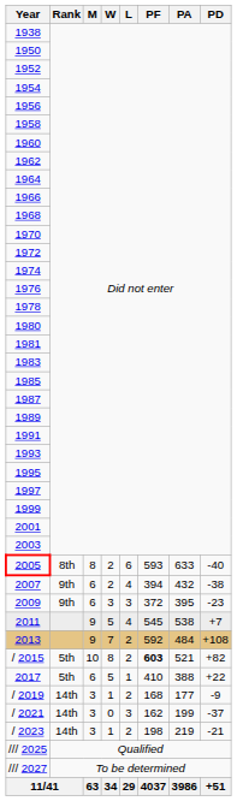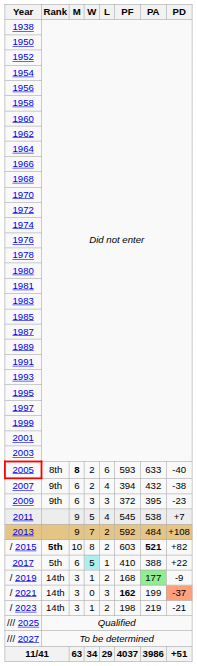 <table class="wikitable" style="text-align: center;">
 <tr>
 <th>Year</th>
 <th>Rank</th>
 <th>M</th>
 <th>W</th>
 <th>L</th>
 <th>PF</th>
 <th>PA</th>
 <th>PD</th>
 </tr>
 <tr>
 <td> <a href='#'>1938</a></td>
 <td rowspan= 29 colspan=7><em>Did not enter</em></td>
 </tr>
 <tr>
 <td> <a href='#'>1950</a></td>
 </tr>
 <tr>
 <td> <a href='#'>1952</a></td>
 </tr>
 <tr>
 <td> <a href='#'>1954</a></td>
 </tr>
 <tr>
 <td> <a href='#'>1956</a></td>
 </tr>
 <tr>
 <td> <a href='#'>1958</a></td>
 </tr>
 <tr>
 <td> <a href='#'>1960</a></td>
 </tr>
 <tr>
 <td> <a href='#'>1962</a></td>
 </tr>
 <tr>
 <td> <a href='#'>1964</a></td>
 </tr>
 <tr>
 <td> <a href='#'>1966</a></td>
 </tr>
 <tr>
 <td> <a href='#'>1968</a></td>
 </tr>
 <tr>
 <td> <a href='#'>1970</a></td>
 </tr>
 <tr>
 <td> <a href='#'>1972</a></td>
 </tr>
 <tr>
 <td> <a href='#'>1974</a></td>
 </tr>
 <tr>
 <td> <a href='#'>1976</a></td>
 </tr>
 <tr>
 <td> <a href='#'>1978</a></td>
 </tr>
 <tr>
 <td> <a href='#'>1980</a></td>
 </tr>
 <tr>
 <td> <a href='#'>1981</a></td>
 </tr>
 <tr>
 <td> <a href='#'>1983</a></td>
 </tr>
 <tr>
 <td> <a href='#'>1985</a></td>
 </tr>
 <tr>
 <td> <a href='#'>1987</a></td>
 </tr>
 <tr>
 <td> <a href='#'>1989</a></td>
 </tr>
 <tr>
 <td> <a href='#'>1991</a></td>
 </tr>
 <tr>
 <td> <a href='#'>1993</a></td>
 </tr>
 <tr>
 <td> <a href='#'>1995</a></td>
 </tr>
 <tr>
 <td> <a href='#'>1997</a></td>
 </tr>
 <tr>
 <td> <a href='#'>1999</a></td>
 </tr>
 <tr>
 <td> <a href='#'>2001</a></td>
 </tr>
 <tr>
 <td> <a href='#'>2003</a></td>
 </tr>
 <tr>
 <td style="border: 3px solid red"> <a href='#'>2005</a></td>
 <td>8th</td>
-<td>8</td>
+<td><strong>8</strong></td>
 <td>2</td>
 <td>6</td>
 <td>593</td>
 <td>633</td>
 <td>-40</td>
 </tr>
 <tr>
 <td> <a href='#'>2007</a></td>
 <td>9th</td>
 <td>6</td>
 <td>2</td>
 <td>4</td>
 <td>394</td>
 <td>432</td>
 <td>-38</td>
 </tr>
 <tr>
 <td> <a href='#'>2009</a></td>
 <td>9th</td>
 <td>6</td>
 <td>3</td>
 <td>3</td>
 <td>372</td>
 <td>395</td>
 <td>-23</td>
 </tr>
 <tr bgcolor=ededed>
 <td> <a href='#'>2011</a></td>
 <td></td>
 <td>9</td>
 <td>5</td>
 <td>4</td>
 <td>545</td>
 <td>538</td>
 <td>+7</td>
 </tr>
 <tr bgcolor=e5c585>
 <td> <a href='#'>2013</a></td>
 <td></td>
 <td>9</td>
 <td>7</td>
 <td>2</td>
 <td>592</td>
 <td>484</td>
 <td>+108</td>
 </tr>
 <tr>
 <td>/ <a href='#'>2015</a></td>
-<td>5th</td>
+<td><strong>5th</strong></td>
 <td>10</td>
 <td>8</td>
 <td>2</td>
-<td><strong>603</strong></td>
-<td>521</td>
+<td>603</td>
+<td><strong>521</strong></td>
 <td>+82</td>
 </tr>
 <tr>
 <td> <a href='#'>2017</a></td>
 <td>5th</td>
 <td>6</td>
-<td>5</td>
+<td style="background: paleturquoise;">5</td>
 <td>1</td>
 <td>410</td>
 <td>388</td>
 <td>+22</td>
 </tr>
 <tr>
 <td>/ <a href='#'>2019</a></td>
 <td>14th</td>
 <td>3</td>
 <td>1</td>
 <td>2</td>
 <td>168</td>
-<td>177</td>
+<td style="background: lightgreen;">177</td>
 <td>-9</td>
 </tr>
 <tr>
 <td>/ <a href='#'>2021</a></td>
 <td>14th</td>
 <td>3</td>
 <td>0</td>
 <td>3</td>
-<td>162</td>
+<td><strong>162</strong></td>
 <td>199</td>
-<td>-37</td>
+<td style="background: lightsalmon;">-37</td>
 </tr>
 <tr>
 <td>/ <a href='#'>2023</a></td>
 <td>14th</td>
 <td>3</td>
 <td>1</td>
 <td>2</td>
 <td>198</td>
 <td>219</td>
 <td>-21</td>
 </tr>
 <tr>
 <td>/// <a href='#'>2025</a></td>
 <td colspan=7 align=center><em>Qualified</em></td>
 </tr>
 <tr>
 <td>/// <a href='#'>2027</a></td>
 <td colspan=7 align=center><em>To be determined</em></td>
 </tr>
 <tr>
 <th colspan=2>11/41</th>
 <th>63</th>
 <th>34</th>
 <th>29</th>
 <th>4037</th>
 <th>3986</th>
 <th>+51</th>
 </tr>
 </table>
